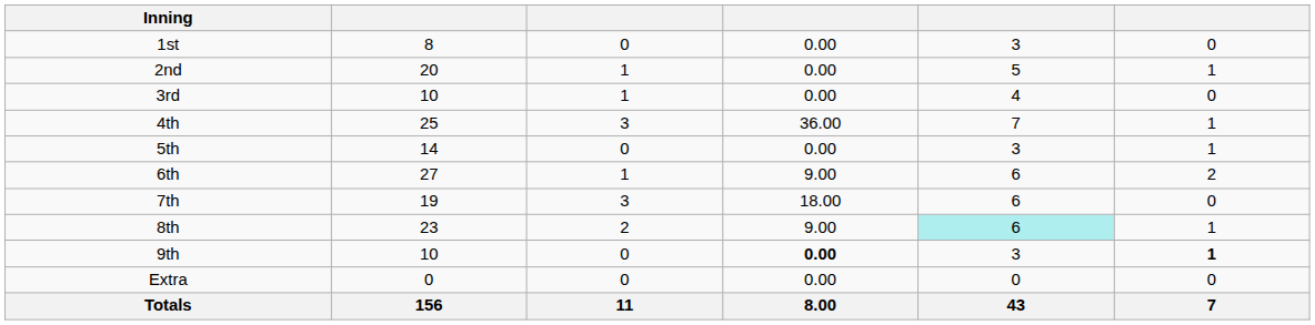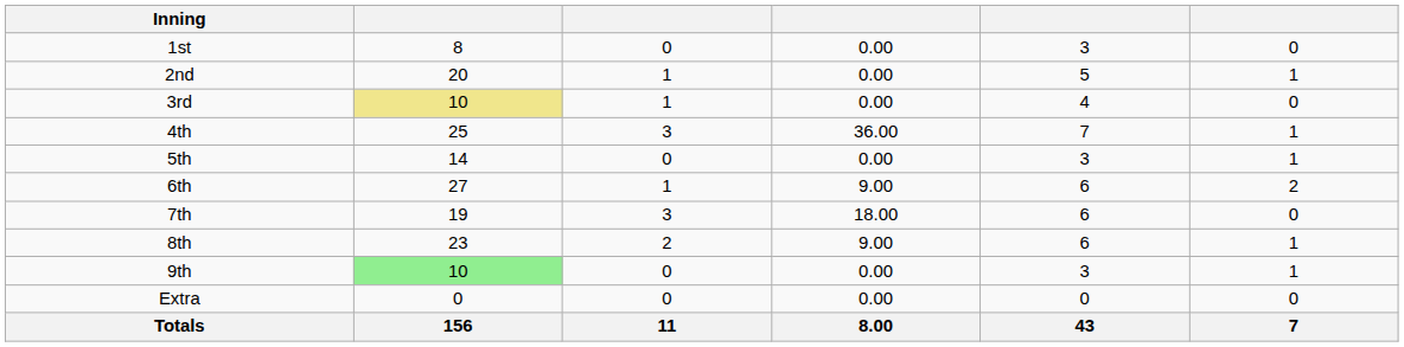 <table class="wikitable sortable" style="width:100%;text-align:center;">
 <tr>
 <th width="25%">Inning</th>
 <th width="15%" data-sort-type="number"></th>
 <th width="15%"></th>
 <th width="15%"></th>
 <th width="15%"></th>
 <th width="15%"></th>
 </tr>
 <tr>
 <td>1st</td>
 <td>8</td>
 <td>0</td>
 <td>0.00</td>
 <td>3</td>
 <td>0</td>
 </tr>
 <tr>
 <td>2nd</td>
 <td>20</td>
 <td>1</td>
 <td>0.00</td>
 <td>5</td>
 <td>1</td>
 </tr>
 <tr>
 <td>3rd</td>
-<td>10</td>
+<td style="background: khaki;">10</td>
 <td>1</td>
 <td>0.00</td>
 <td>4</td>
 <td>0</td>
 </tr>
 <tr>
 <td>4th</td>
 <td>25</td>
 <td>3</td>
 <td>36.00</td>
 <td>7</td>
 <td>1</td>
 </tr>
 <tr>
 <td>5th</td>
 <td>14</td>
 <td>0</td>
 <td>0.00</td>
 <td>3</td>
 <td>1</td>
 </tr>
 <tr>
 <td>6th</td>
 <td>27</td>
 <td>1</td>
 <td>9.00</td>
 <td>6</td>
 <td>2</td>
 </tr>
 <tr>
 <td>7th</td>
 <td>19</td>
 <td>3</td>
 <td>18.00</td>
 <td>6</td>
 <td>0</td>
 </tr>
 <tr>
 <td>8th</td>
 <td>23</td>
 <td>2</td>
 <td>9.00</td>
-<td style="background: paleturquoise;">6</td>
+<td>6</td>
 <td>1</td>
 </tr>
 <tr>
 <td>9th</td>
-<td>10</td>
+<td style="background: lightgreen;">10</td>
 <td>0</td>
-<td><strong>0.00</strong></td>
+<td>0.00</td>
 <td>3</td>
-<td><strong>1</strong></td>
+<td>1</td>
 </tr>
 <tr>
 <td>Extra</td>
 <td>0</td>
 <td>0</td>
 <td>0.00</td>
 <td>0</td>
 <td>0</td>
 </tr>
 <tr>
 <th>Totals</th>
 <th>156</th>
 <th>11</th>
 <th>8.00</th>
 <th>43</th>
 <th>7</th>
 </tr>
 </table>
